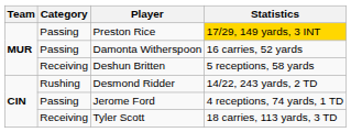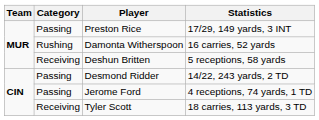 <table class="wikitable" style="float: left;">
 <tr>
 <th>Team</th>
 <th>Category</th>
 <th>Player</th>
 <th>Statistics</th>
 </tr>
 <tr>
 <td rowspan=3><strong>MUR</strong></td>
 <td>Passing</td>
 <td>Preston Rice</td>
-<td style="background: gold;">17/29, 149 yards, 3 INT</td>
+<td>17/29, 149 yards, 3 INT</td>
 </tr>
 <tr>
-<td>Passing</td>
+<td>Rushing</td>
 <td>Damonta Witherspoon</td>
 <td>16 carries, 52 yards</td>
 </tr>
 <tr>
 <td>Receiving</td>
 <td>Deshun Britten</td>
 <td>5 receptions, 58 yards</td>
 </tr>
 <tr>
 <td rowspan=3><strong>CIN</strong></td>
-<td>Rushing</td>
+<td>Passing</td>
 <td>Desmond Ridder</td>
 <td>14/22, 243 yards, 2 TD</td>
 </tr>
 <tr>
 <td>Passing</td>
 <td>Jerome Ford</td>
 <td>4 receptions, 74 yards, 1 TD</td>
 </tr>
 <tr>
 <td>Receiving</td>
 <td>Tyler Scott</td>
 <td>18 carries, 113 yards, 3 TD</td>
 </tr>
 </table>
